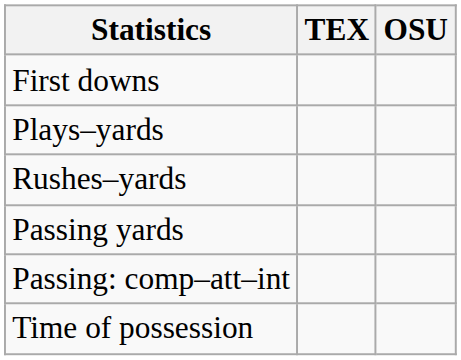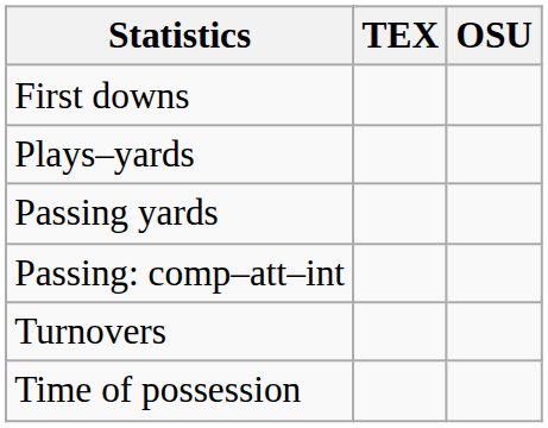 <table class="wikitable" style="float:left">
 <tr>
 <th>Statistics</th>
 <th>TEX</th>
 <th>OSU</th>
 </tr>
 <tr>
 <td>First downs</td>
 <td></td>
 <td></td>
 </tr>
 <tr>
 <td>Plays–yards</td>
 <td></td>
 <td></td>
 </tr>
 <tr>
-<td>Rushes–yards</td>
-<td></td>
-<td></td>
-</tr>
-<tr>
 <td>Passing yards</td>
 <td></td>
 <td></td>
 </tr>
 <tr>
 <td>Passing: comp–att–int</td>
 <td></td>
 <td></td>
 </tr>
 <tr>
+<td>Turnovers</td>
+<td></td>
+<td></td>
+</tr>
+<tr>
 <td>Time of possession</td>
 <td></td>
 <td></td>
 </tr>
 </table>
